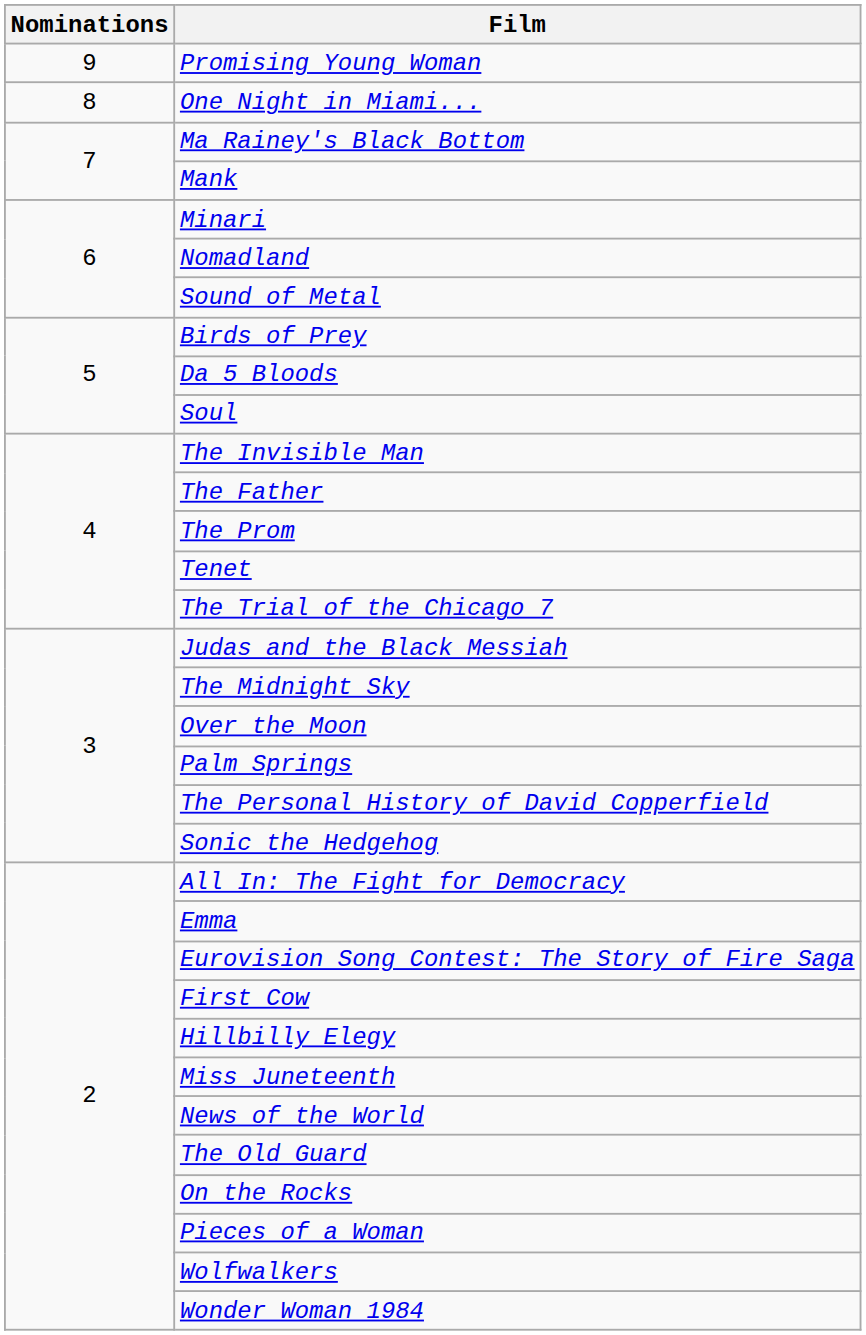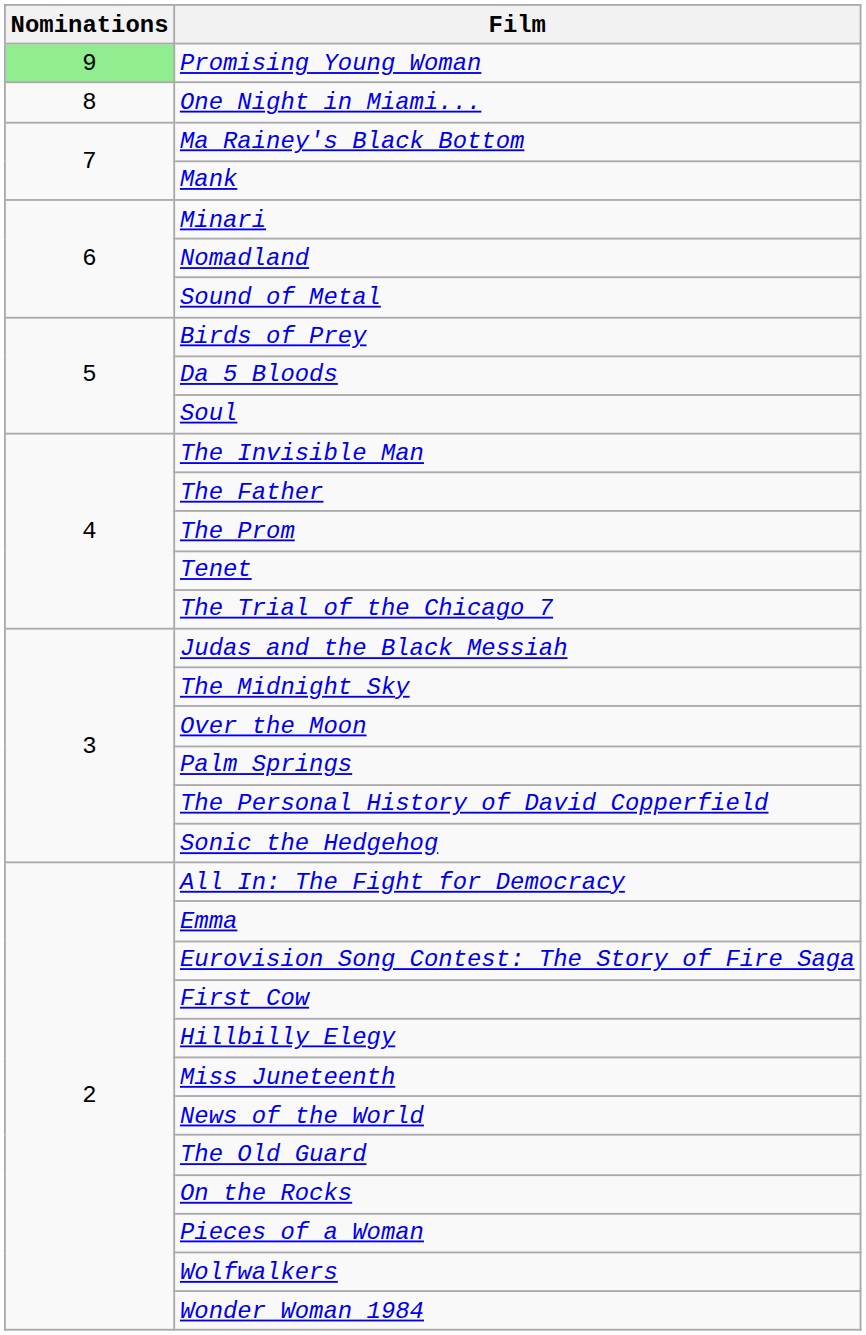 <table class="wikitable">
 <tr>
 <th scope="col" style="width:55px;">Nominations</th>
 <th scope="col" style="text-align:center;">Film</th>
 </tr>
 <tr>
-<td rowspan="1" style="text-align:center">9</td>
+<td rowspan="1" style="background: lightgreen; text-align:center">9</td>
 <td><em><a href='#'>Promising Young Woman</a></em></td>
 </tr>
 <tr>
 <td rowspan="1" style="text-align:center">8</td>
 <td><em><a href='#'>One Night in Miami...</a></em></td>
 </tr>
 <tr>
 <td rowspan="2" style="text-align:center">7</td>
 <td><em><a href='#'>Ma Rainey's Black Bottom</a></em></td>
 </tr>
 <tr>
 <td><em><a href='#'>Mank</a></em></td>
 </tr>
 <tr>
 <td rowspan="3" style="text-align:center">6</td>
 <td><em><a href='#'>Minari</a></em></td>
 </tr>
 <tr>
 <td><em><a href='#'>Nomadland</a></em></td>
 </tr>
 <tr>
 <td><em><a href='#'>Sound of Metal</a></em></td>
 </tr>
 <tr>
 <td rowspan="3" style="text-align:center">5</td>
 <td><em><a href='#'>Birds of Prey</a></em></td>
 </tr>
 <tr>
 <td><em><a href='#'>Da 5 Bloods</a></em></td>
 </tr>
 <tr>
 <td><em><a href='#'>Soul</a></em></td>
 </tr>
 <tr>
 <td rowspan="5" style="text-align:center">4</td>
 <td><em><a href='#'>The Invisible Man</a></em></td>
 </tr>
 <tr>
 <td><em><a href='#'>The Father</a></em></td>
 </tr>
 <tr>
 <td><em><a href='#'>The Prom</a></em></td>
 </tr>
 <tr>
 <td><em><a href='#'>Tenet</a></em></td>
 </tr>
 <tr>
 <td><em><a href='#'>The Trial of the Chicago 7</a></em></td>
 </tr>
 <tr>
 <td rowspan="6" style="text-align:center">3</td>
 <td><em><a href='#'>Judas and the Black Messiah</a></em></td>
 </tr>
 <tr>
 <td><em><a href='#'>The Midnight Sky</a></em></td>
 </tr>
 <tr>
 <td><em><a href='#'>Over the Moon</a></em></td>
 </tr>
 <tr>
 <td><em><a href='#'>Palm Springs</a></em></td>
 </tr>
 <tr>
 <td><em><a href='#'>The Personal History of David Copperfield</a></em></td>
 </tr>
 <tr>
 <td><em><a href='#'>Sonic the Hedgehog</a></em></td>
 </tr>
 <tr>
 <td rowspan="12" style="text-align:center">2</td>
 <td><em><a href='#'>All In: The Fight for Democracy</a></em></td>
 </tr>
 <tr>
 <td><em><a href='#'>Emma</a></em></td>
 </tr>
 <tr>
 <td><em><a href='#'>Eurovision Song Contest: The Story of Fire Saga</a></em></td>
 </tr>
 <tr>
 <td><em><a href='#'>First Cow</a></em></td>
 </tr>
 <tr>
 <td><em><a href='#'>Hillbilly Elegy</a></em></td>
 </tr>
 <tr>
 <td><em><a href='#'>Miss Juneteenth</a></em></td>
 </tr>
 <tr>
 <td><em><a href='#'>News of the World</a></em></td>
 </tr>
 <tr>
 <td><em><a href='#'>The Old Guard</a></em></td>
 </tr>
 <tr>
 <td><em><a href='#'>On the Rocks</a></em></td>
 </tr>
 <tr>
 <td><em><a href='#'>Pieces of a Woman</a></em></td>
 </tr>
 <tr>
 <td><em><a href='#'>Wolfwalkers</a></em></td>
 </tr>
 <tr>
 <td><em><a href='#'>Wonder Woman 1984</a></em></td>
 </tr>
 </table>
